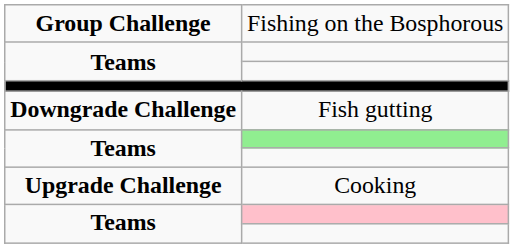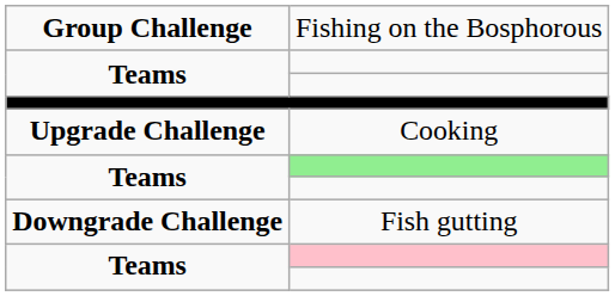 <table class="wikitable" style="text-align:center;">
 <tr>
 <td><strong>Group Challenge</strong></td>
 <td>Fishing on the Bosphorous</td>
 </tr>
 <tr>
 <td rowspan="2"><strong>Teams</strong></td>
 <td></td>
 </tr>
 <tr>
 <td></td>
 </tr>
 <tr>
 <td colspan="2" style="background:black;"></td>
 </tr>
 <tr>
-<td><strong>Downgrade Challenge</strong></td>
-<td>Fish gutting</td>
+<td><strong>Upgrade Challenge</strong></td>
+<td>Cooking</td>
 </tr>
 <tr>
 <td rowspan="2"><strong>Teams</strong></td>
 <td style="background:lightgreen;"></td>
 </tr>
 <tr>
 <td></td>
 </tr>
 <tr>
-<td><strong>Upgrade Challenge</strong></td>
-<td>Cooking</td>
+<td><strong>Downgrade Challenge</strong></td>
+<td>Fish gutting</td>
 </tr>
 <tr>
 <td rowspan="2"><strong>Teams</strong></td>
 <td style="background:pink;"></td>
 </tr>
 <tr>
 <td></td>
 </tr>
 </table>
